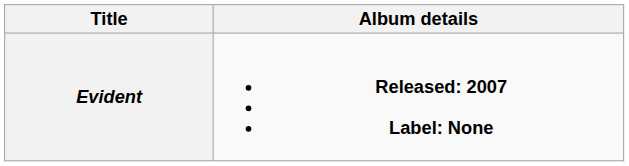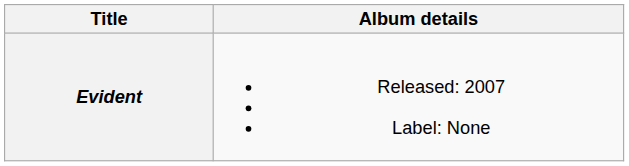 <table class="wikitable plainrowheaders" style="text-align:center;">
 <tr>
 <th scope="col" style="width:11em;">Title</th>
 <th scope="col" style="width:22em;">Album details</th>
 </tr>
 <tr>
 <th scope="row"><em>Evident</em><br></th>
-<td><strong><br><ul><li>Released: 2007</li><li></li><li>Label: None</li></ul></strong></td>
+<td><br><ul><li>Released: 2007</li><li></li><li>Label: None</li></ul></td>
 </tr>
 </table>
